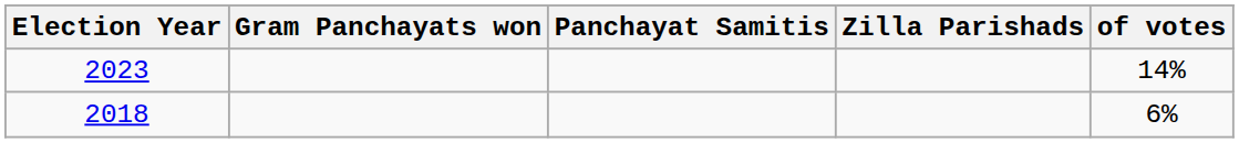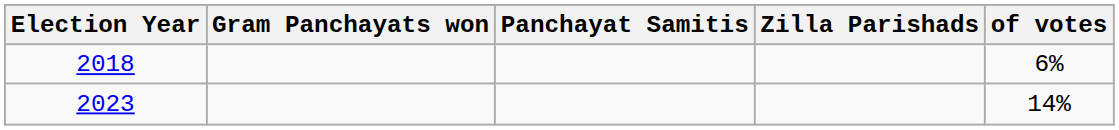 <table class="wikitable sortable" style="text-align:center">
 <tr>
 <th Style="background-color:">Election Year</th>
 <th Style="background-color:">Gram Panchayats won</th>
 <th Style="background-color:">Panchayat Samitis</th>
 <th Style="background-color:">Zilla Parishads</th>
 <th Style="background-color:"> of votes</th>
 </tr>
 <tr>
+<td><a href='#'>2018</a></td>
+<td></td>
+<td></td>
+<td></td>
+<td>6%</td>
+</tr>
+<tr>
 <td><a href='#'>2023</a></td>
 <td></td>
 <td></td>
 <td></td>
 <td>14%</td>
 </tr>
-<tr>
-<td><a href='#'>2018</a></td>
-<td></td>
-<td></td>
-<td></td>
-<td>6%</td>
-</tr>
 </table>
